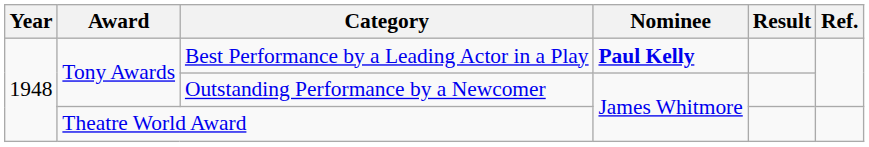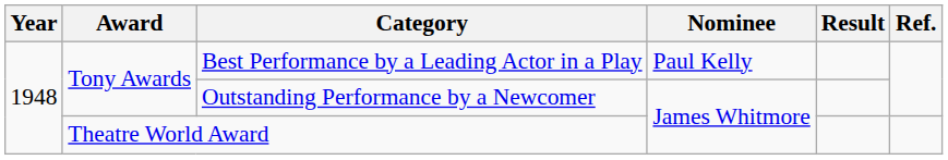 <table class="wikitable sortable">
 <tr>
 <th>Year</th>
 <th>Award</th>
 <th>Category</th>
 <th>Nominee</th>
 <th>Result</th>
 <th>Ref.</th>
 </tr>
 <tr>
 <td rowspan="3" align="center">1948</td>
 <td rowspan="2"><a href='#'>Tony Awards</a></td>
 <td><a href='#'>Best Performance by a Leading Actor in a Play</a></td>
-<td><strong><a href='#'>Paul Kelly</a></strong></td>
+<td><a href='#'>Paul Kelly</a></td>
 <td></td>
 <td rowspan="2" align="center"></td>
 </tr>
 <tr>
 <td><a href='#'>Outstanding Performance by a Newcomer</a></td>
 <td rowspan="2"><a href='#'>James Whitmore</a></td>
 <td></td>
 </tr>
 <tr>
 <td colspan="2"><a href='#'>Theatre World Award</a></td>
 <td></td>
 <td align="center"></td>
 </tr>
 </table>
